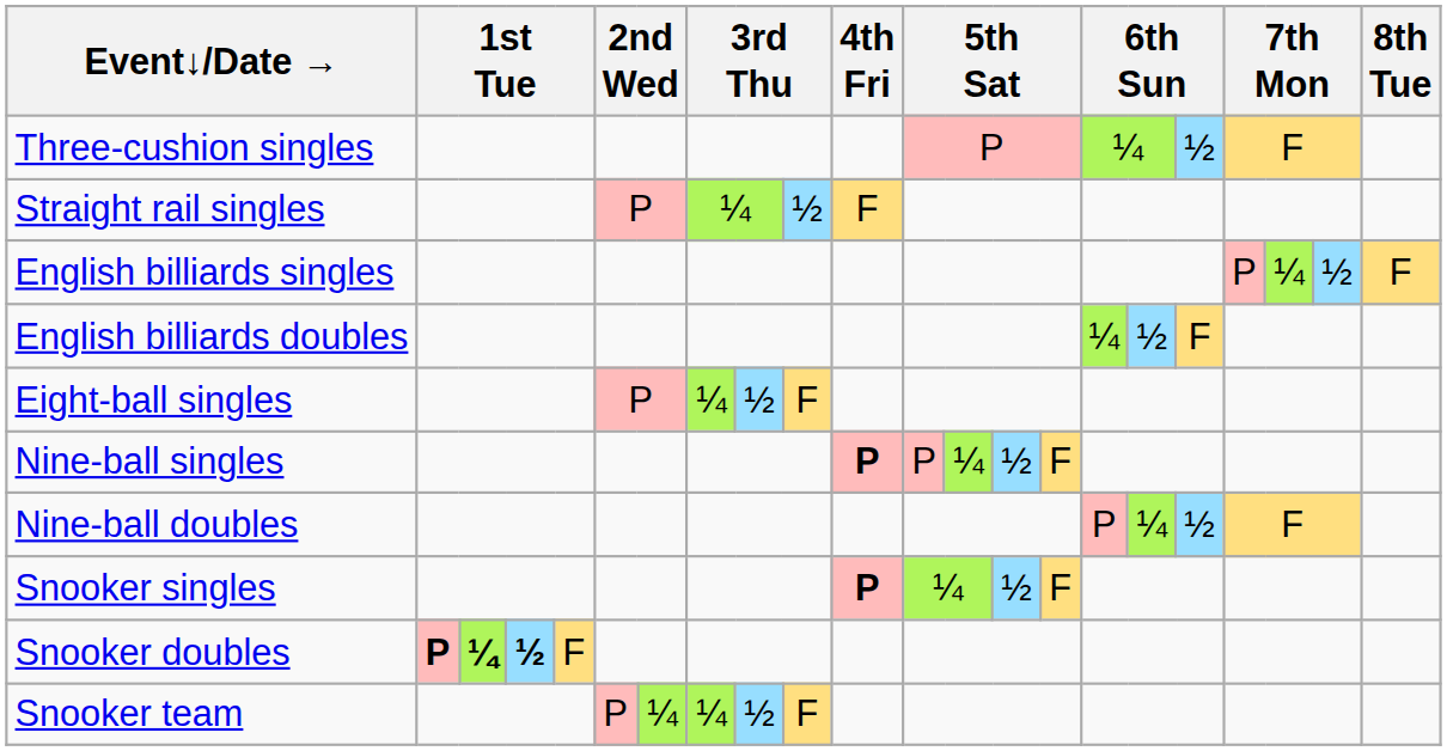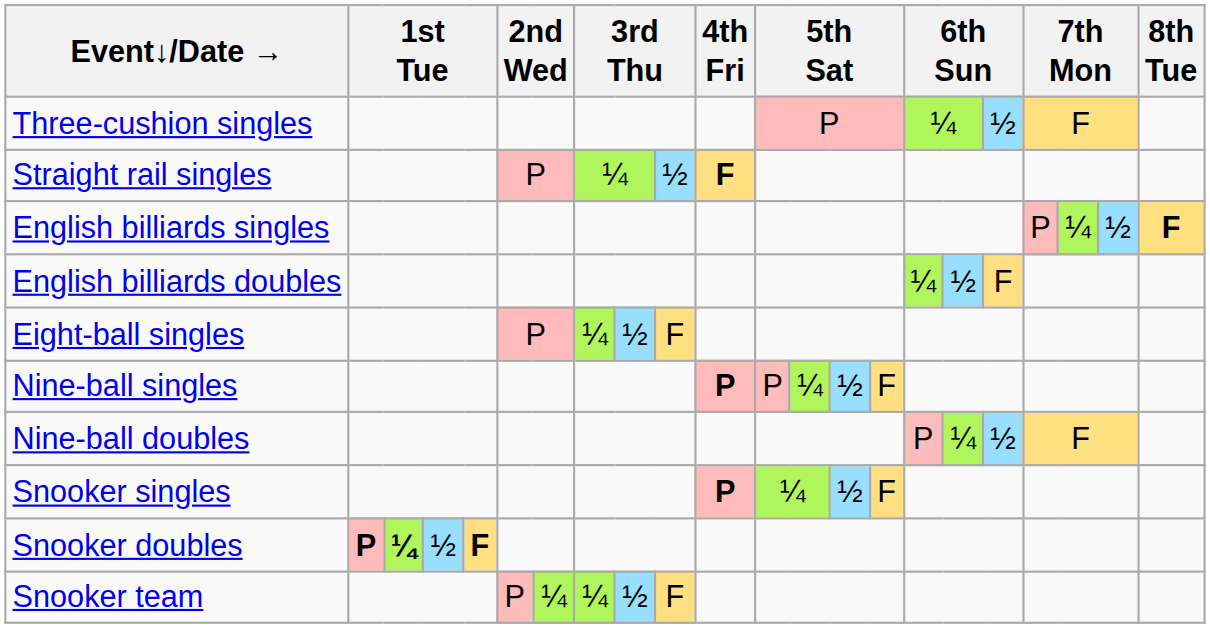 <table class="wikitable" style="margin:0.5em auto; font-size:90%; line-height:1.25em; text-align:center">
 <tr>
 <th>Event↓/Date →</th>
 <th colspan=4>1st<br>Tue</th>
 <th colspan=2>2nd<br>Wed</th>
 <th colspan=3>3rd<br>Thu</th>
 <th>4th<br>Fri</th>
 <th colspan=4>5th<br>Sat</th>
 <th colspan=3>6th<br>Sun</th>
 <th colspan=3>7th<br>Mon</th>
 <th>8th<br>Tue</th>
 </tr>
 <tr>
 <td align="left"><a href='#'>Three-cushion singles</a></td>
 <td colspan=4></td>
 <td colspan=2></td>
 <td colspan=3></td>
 <td></td>
 <td colspan=4 bgcolor="#FFBBBB">P</td>
 <td colspan=2 bgcolor="#AFF55B">¼</td>
 <td bgcolor="#97DEFF">½</td>
 <td colspan=3 bgcolor="#FFDF80">F</td>
 <td></td>
 </tr>
 <tr>
 <td align="left"><a href='#'>Straight rail singles</a></td>
 <td colspan=4></td>
 <td colspan=2 bgcolor="#FFBBBB">P</td>
 <td colspan=2 bgcolor="#AFF55B">¼</td>
 <td bgcolor="#97DEFF">½</td>
-<td bgcolor="#FFDF80">F</td>
+<td bgcolor="#FFDF80"><strong>F</strong></td>
 <td colspan=4></td>
 <td colspan=3></td>
 <td colspan=3></td>
 <td></td>
 </tr>
 <tr>
 <td align="left"><a href='#'>English billiards singles</a></td>
 <td colspan=4></td>
 <td colspan=2></td>
 <td colspan=3></td>
 <td></td>
 <td colspan=4></td>
 <td colspan=3></td>
 <td bgcolor="#FFBBBB">P</td>
 <td bgcolor="#AFF55B">¼</td>
 <td bgcolor="#97DEFF">½</td>
-<td bgcolor="#FFDF80">F</td>
+<td bgcolor="#FFDF80"><strong>F</strong></td>
 </tr>
 <tr>
 <td align="left"><a href='#'>English billiards doubles</a></td>
 <td colspan=4></td>
 <td colspan=2></td>
 <td colspan=3></td>
 <td></td>
 <td colspan=4></td>
 <td bgcolor="#AFF55B">¼</td>
 <td bgcolor="#97DEFF">½</td>
 <td bgcolor="#FFDF80">F</td>
 <td colspan=3></td>
 <td></td>
 </tr>
 <tr>
 <td align="left"><a href='#'>Eight-ball singles</a></td>
 <td colspan=4></td>
 <td colspan=2 bgcolor="#FFBBBB">P</td>
 <td bgcolor="#AFF55B">¼</td>
 <td bgcolor="#97DEFF">½</td>
 <td bgcolor="#FFDF80">F</td>
 <td></td>
 <td colspan=4></td>
 <td colspan=3></td>
 <td colspan=3></td>
 <td></td>
 </tr>
 <tr>
 <td align="left"><a href='#'>Nine-ball singles</a></td>
 <td colspan=4></td>
 <td colspan=2></td>
 <td colspan=3></td>
 <td bgcolor="#FFBBBB"><strong>P</strong></td>
 <td bgcolor="#FFBBBB">P</td>
 <td bgcolor="#AFF55B">¼</td>
 <td bgcolor="#97DEFF">½</td>
 <td bgcolor="#FFDF80">F</td>
 <td colspan=3></td>
 <td colspan=3></td>
 <td></td>
 </tr>
 <tr>
 <td align="left"><a href='#'>Nine-ball doubles</a></td>
 <td colspan=4></td>
 <td colspan=2></td>
 <td colspan=3></td>
 <td></td>
 <td colspan=4></td>
 <td bgcolor="#FFBBBB">P</td>
 <td bgcolor="#AFF55B">¼</td>
 <td bgcolor="#97DEFF">½</td>
 <td colspan=3 bgcolor="#FFDF80">F</td>
 <td></td>
 </tr>
 <tr>
 <td align="left"><a href='#'>Snooker singles</a></td>
 <td colspan=4></td>
 <td colspan=2></td>
 <td colspan=3></td>
 <td bgcolor="#FFBBBB"><strong>P</strong></td>
 <td colspan=2 bgcolor="#AFF55B">¼</td>
 <td bgcolor="#97DEFF">½</td>
 <td bgcolor="#FFDF80">F</td>
 <td colspan=3></td>
 <td colspan=3></td>
 <td></td>
 </tr>
 <tr>
 <td align="left"><a href='#'>Snooker doubles</a></td>
 <td bgcolor="#FFBBBB"><strong>P</strong></td>
 <td bgcolor="#AFF55B"><strong>¼</strong></td>
-<td bgcolor="#97DEFF"><strong>½</strong></td>
-<td bgcolor="#FFDF80">F</td>
+<td bgcolor="#97DEFF">½</td>
+<td bgcolor="#FFDF80"><strong>F</strong></td>
 <td colspan=2></td>
 <td colspan=3></td>
 <td></td>
 <td colspan=4></td>
 <td colspan=3></td>
 <td colspan=3></td>
 <td></td>
 </tr>
 <tr>
 <td align="left"><a href='#'>Snooker team</a></td>
 <td colspan=4></td>
 <td bgcolor="#FFBBBB">P</td>
 <td bgcolor="#AFF55B">¼</td>
 <td bgcolor="#AFF55B">¼</td>
 <td bgcolor="#97DEFF">½</td>
 <td bgcolor="#FFDF80">F</td>
 <td></td>
 <td colspan=4></td>
 <td colspan=3></td>
 <td colspan=3></td>
 <td></td>
 </tr>
 </table>
